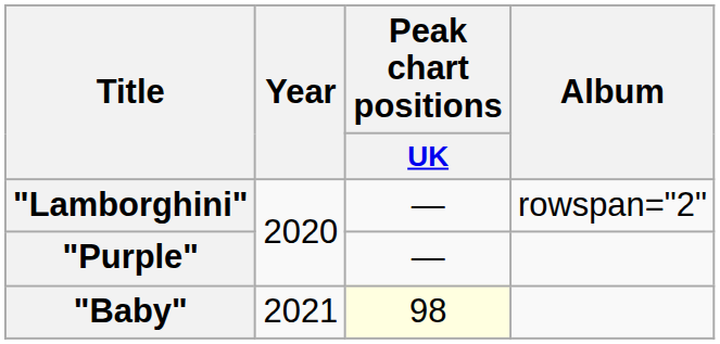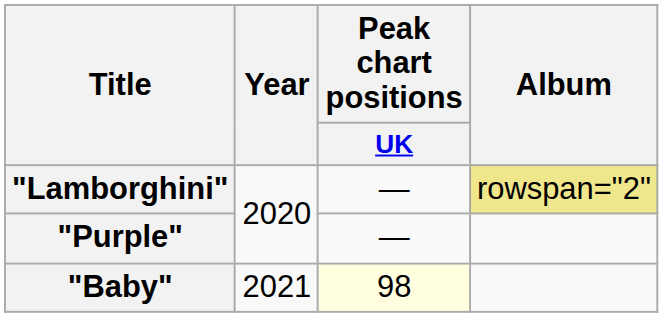 <table class="wikitable plainrowheaders" style="text-align:center;">
 <tr>
 <th scope="col" rowspan="2">Title</th>
 <th scope="col" rowspan="2">Year</th>
 <th scope="col" colspan="1">Peak chart positions</th>
 <th scope="col" rowspan="2">Album</th>
 </tr>
 <tr>
 <th scope="col" style="width:3em;font-size:85%;"><a href='#'>UK</a><br></th>
 </tr>
 <tr>
 <th scope="row">"Lamborghini"<br></th>
 <td rowspan="2">2020</td>
 <td>—</td>
-<td>rowspan="2" </td>
+<td style="background: khaki;">rowspan="2" </td>
 </tr>
 <tr>
 <th scope="row">"Purple"<br></th>
 <td>—</td>
 </tr>
 <tr>
 <th scope="row">"Baby"<br></th>
 <td rowspan="2">2021</td>
 <td style="background: lightyellow;">98</td>
 <td></td>
 </tr>
 </table>
